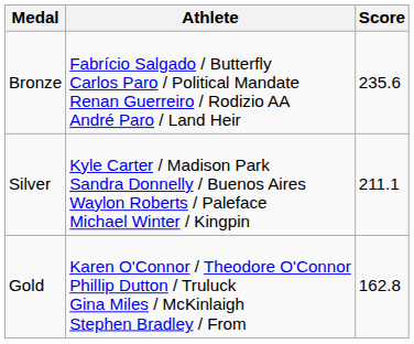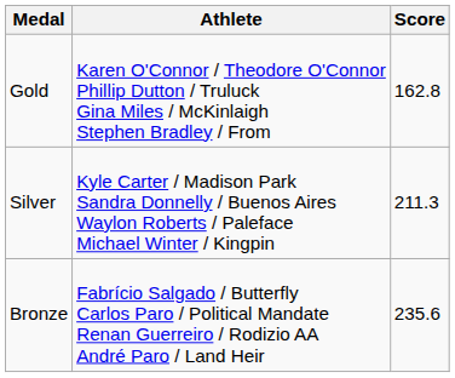 <table class="wikitable">
 <tr>
 <th>Medal</th>
 <th>Athlete</th>
 <th>Score</th>
 </tr>
 <tr>
+<td>Gold</td>
+<td><br><a href='#'>Karen O'Connor</a> / <a href='#'>Theodore O'Connor</a><br> <a href='#'>Phillip Dutton</a> / Truluck<br> <a href='#'>Gina Miles</a> / McKinlaigh<br> <a href='#'>Stephen Bradley</a> / From</td>
+<td>162.8</td>
+</tr>
+<tr>
+<td>Silver</td>
+<td><br><a href='#'>Kyle Carter</a> / Madison Park<br> <a href='#'>Sandra Donnelly</a> / Buenos Aires<br> <a href='#'>Waylon Roberts</a> / Paleface<br> <a href='#'>Michael Winter</a> / Kingpin</td>
+<td>211.3</td>
+</tr>
+<tr>
 <td>Bronze</td>
 <td><br><a href='#'>Fabrício Salgado</a> / Butterfly<br> <a href='#'>Carlos Paro</a> / Political Mandate<br> <a href='#'>Renan Guerreiro</a> / Rodizio AA<br> <a href='#'>André Paro</a> / Land Heir</td>
 <td>235.6</td>
 </tr>
-<tr>
-<td>Silver</td>
-<td><br><a href='#'>Kyle Carter</a> / Madison Park<br> <a href='#'>Sandra Donnelly</a> / Buenos Aires<br> <a href='#'>Waylon Roberts</a> / Paleface<br> <a href='#'>Michael Winter</a> / Kingpin</td>
-<td>211.1</td>
-</tr>
-<tr>
-<td>Gold</td>
-<td><br><a href='#'>Karen O'Connor</a> / <a href='#'>Theodore O'Connor</a><br> <a href='#'>Phillip Dutton</a> / Truluck<br> <a href='#'>Gina Miles</a> / McKinlaigh<br> <a href='#'>Stephen Bradley</a> / From</td>
-<td>162.8</td>
-</tr>
 </table>
